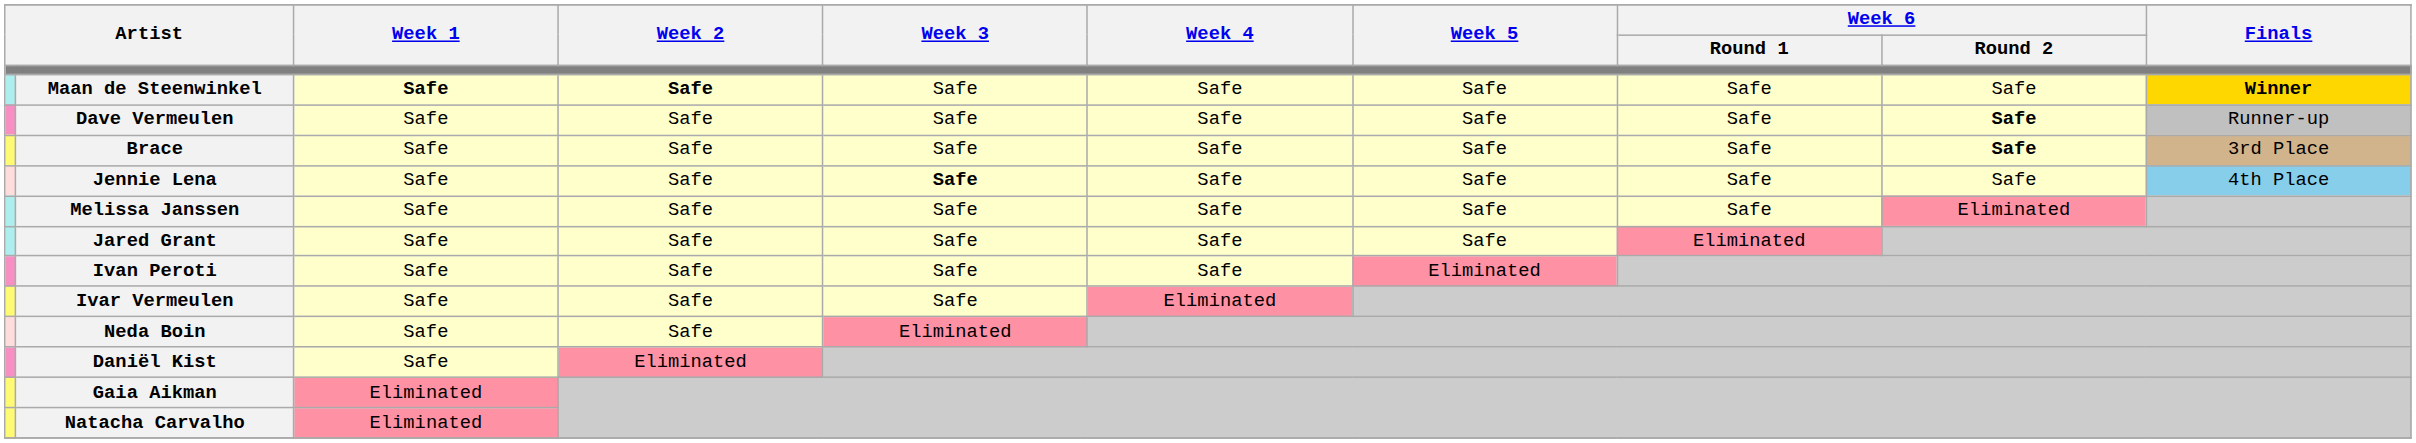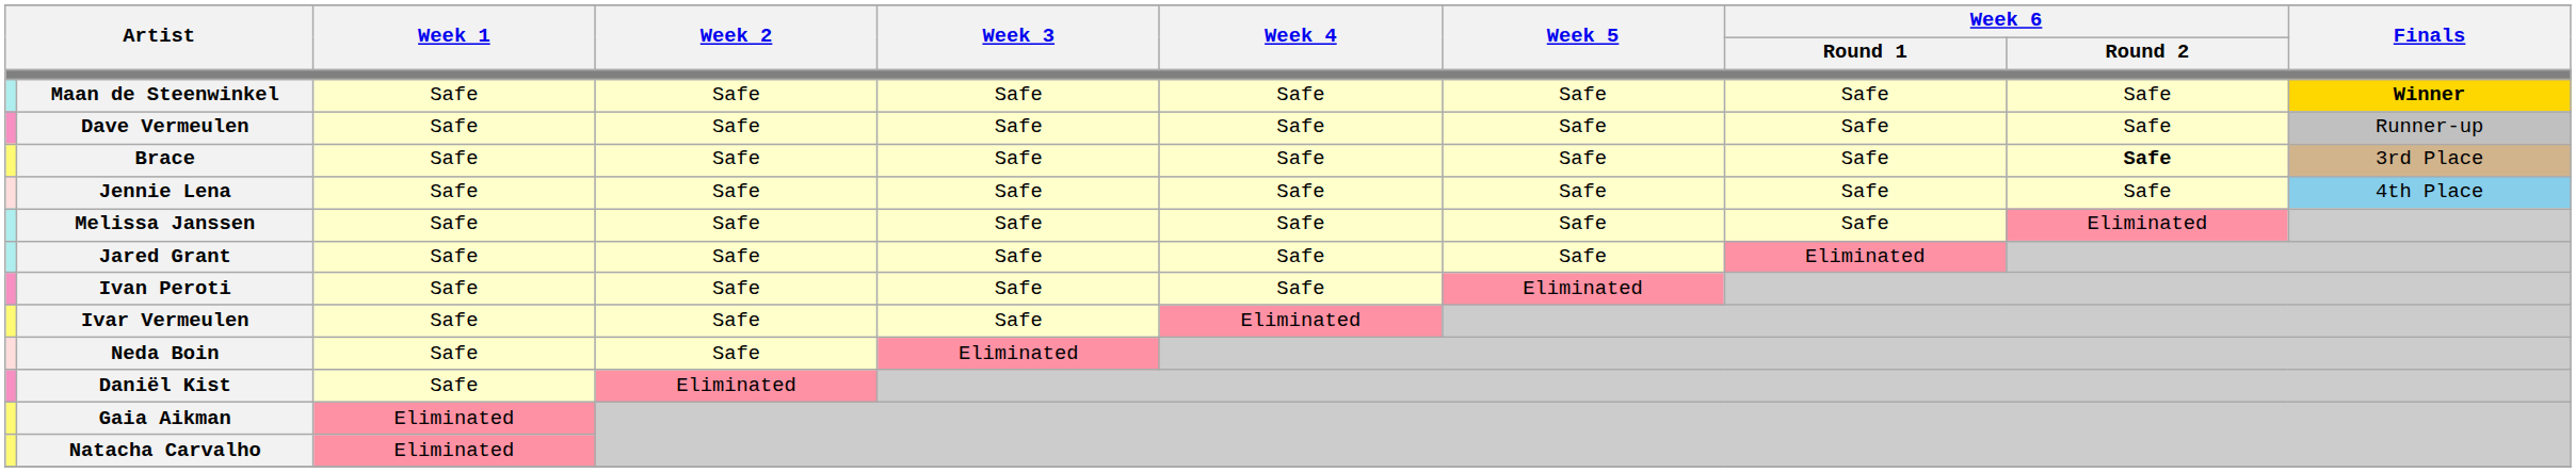 <table class="wikitable"  style="text-align:center; font-size:95%; width:100%;">
 <tr>
 </tr>
 <tr>
 <th rowspan="2"  colspan="2" scope="col">Artist</th>
 <th width="11%" rowspan="2"  colspan="1" scope="col"><a href='#'>Week 1</a></th>
 <th width="11%" rowspan="2"  colspan="1" scope="col"><a href='#'>Week 2</a></th>
 <th width="11%" rowspan="2"  colspan="1" scope="col"><a href='#'>Week 3</a></th>
 <th width="11%" rowspan="2"  colspan="1" scope="col"><a href='#'>Week 4</a></th>
 <th width="11%" rowspan="2"  colspan="1" scope="col"><a href='#'>Week 5</a></th>
 <th width="11%" colspan="2" scope="col"><a href='#'>Week 6</a></th>
 <th width="11%" rowspan="2"  colspan="1" scope="col"><a href='#'>Finals</a></th>
 </tr>
 <tr>
 <th style="width:11%">Round 1</th>
 <th style="width:11%">Round 2</th>
 </tr>
 <tr>
 <th colspan="10" style="background:grey;"></th>
 </tr>
 <tr>
 <th style="background:#afeeee;"></th>
 <th>Maan de Steenwinkel</th>
-<td style="background:#FFFFCC;"><strong>Safe</strong></td>
-<td style="background:#FFFFCC;"><strong>Safe</strong></td>
+<td style="background:#FFFFCC;">Safe</td>
+<td style="background:#FFFFCC;">Safe</td>
 <td style="background:#FFFFCC;">Safe</td>
 <td style="background:#FFFFCC;">Safe</td>
 <td style="background:#FFFFCC;">Safe</td>
 <td style="background:#FFFFCC;">Safe</td>
 <td style="background:#FFFFCC;">Safe</td>
 <th style="background:gold;"><strong>Winner</strong></th>
 </tr>
 <tr>
 <th style="background:#F78FC2;"></th>
 <th>Dave Vermeulen</th>
 <td style="background:#FFFFCC;">Safe</td>
 <td style="background:#FFFFCC;">Safe</td>
 <td style="background:#FFFFCC;">Safe</td>
 <td style="background:#FFFFCC;">Safe</td>
 <td style="background:#FFFFCC;">Safe</td>
 <td style="background:#FFFFCC;">Safe</td>
-<td style="background:#FFFFCC;"><strong>Safe</strong></td>
+<td style="background:#FFFFCC;">Safe</td>
 <td style="background:silver;">Runner-up</td>
 </tr>
 <tr>
 <th style="background:#fffa73;"></th>
 <th>Brace</th>
 <td style="background:#FFFFCC;">Safe</td>
 <td style="background:#FFFFCC;">Safe</td>
 <td style="background:#FFFFCC;">Safe</td>
 <td style="background:#FFFFCC;">Safe</td>
 <td style="background:#FFFFCC;">Safe</td>
 <td style="background:#FFFFCC;">Safe</td>
 <td style="background:#FFFFCC;"><strong>Safe</strong></td>
 <td style="background:tan;">3rd Place</td>
 </tr>
 <tr>
 <th style="background:#ffdddd;"></th>
 <th>Jennie Lena</th>
 <td style="background:#FFFFCC;">Safe</td>
 <td style="background:#FFFFCC;">Safe</td>
-<td style="background:#FFFFCC;"><strong>Safe</strong></td>
+<td style="background:#FFFFCC;">Safe</td>
 <td style="background:#FFFFCC;">Safe</td>
 <td style="background:#FFFFCC;">Safe</td>
 <td style="background:#FFFFCC;">Safe</td>
 <td style="background:#FFFFCC;">Safe</td>
 <td nowrap style="background:skyblue;">4th Place</td>
 </tr>
 <tr>
 <th style="background:#afeeee;"></th>
 <th>Melissa Janssen</th>
 <td style="background:#FFFFCC;">Safe</td>
 <td style="background:#FFFFCC;">Safe</td>
 <td style="background:#FFFFCC;">Safe</td>
 <td style="background:#FFFFCC;">Safe</td>
 <td style="background:#FFFFCC;">Safe</td>
 <td style="background:#FFFFCC;">Safe</td>
 <td style="background:#FF91A4;">Eliminated</td>
 <td colspan="2" style="background:#ccc;"></td>
 </tr>
 <tr>
 <th style="background:#afeeee;"></th>
 <th>Jared Grant</th>
 <td style="background:#FFFFCC;">Safe</td>
 <td style="background:#FFFFCC;">Safe</td>
 <td style="background:#FFFFCC;">Safe</td>
 <td style="background:#FFFFCC;">Safe</td>
 <td style="background:#FFFFCC;">Safe</td>
 <td style="background:#FF91A4;">Eliminated</td>
 <td colspan="2" style="background:#ccc;"></td>
 </tr>
 <tr>
 <th style="background:#F78FC2;"></th>
 <th>Ivan Peroti</th>
 <td style="background:#FFFFCC;">Safe</td>
 <td style="background:#FFFFCC;">Safe</td>
 <td style="background:#FFFFCC;">Safe</td>
 <td style="background:#FFFFCC;">Safe</td>
 <td style="background:#FF91A4;">Eliminated</td>
 <td rowspan="1" colspan="3" style="background:#ccc;"></td>
 </tr>
 <tr>
 <th style="background:#fffa73;"></th>
 <th>Ivar Vermeulen</th>
 <td style="background:#FFFFCC;">Safe</td>
 <td style="background:#FFFFCC;">Safe</td>
 <td style="background:#FFFFCC;">Safe</td>
 <td style="background:#FF91A4;">Eliminated</td>
 <td rowspan="1" colspan="4" style="background:#ccc;"></td>
 </tr>
 <tr>
 <th style="background:#ffdddd;"></th>
 <th>Neda Boin</th>
 <td style="background:#FFFFCC;">Safe</td>
 <td style="background:#FFFFCC;">Safe</td>
 <td style="background:#FF91A4;">Eliminated</td>
 <td rowspan="1" colspan="5" style="background:#ccc;"></td>
 </tr>
 <tr>
 <th style="background:#F78FC2;"></th>
 <th>Daniël Kist</th>
 <td style="background:#FFFFCC;">Safe</td>
 <td style="background:#FF91A4;">Eliminated</td>
 <td rowspan="1" colspan="6" style="background:#ccc;"></td>
 </tr>
 <tr>
 <th style="background:#fffa73;"></th>
 <th>Gaia Aikman</th>
 <td style="background:#FF91A4;">Eliminated</td>
 <td rowspan="2" colspan="7" style="background:#ccc;"></td>
 </tr>
 <tr>
 <th style="background:#fffa73;"></th>
 <th>Natacha Carvalho</th>
 <td style="background:#FF91A4;">Eliminated</td>
 </tr>
 <tr>
 </tr>
 </table>
